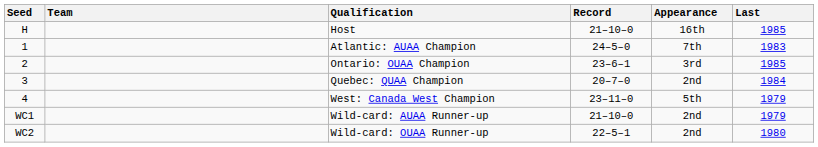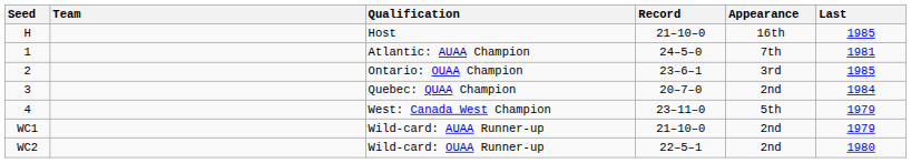 <table class="wikitable sortable" style="text-align: center;" width=1000>
 <tr style="background:#efefef; text-align:center">
 <th style="text-align:left" width=5%>Seed</th>
 <th style="text-align:left" width=35%>Team</th>
 <th style="text-align:left" width=30%>Qualification</th>
 <th style="text-align:left" width=10%>Record</th>
 <th style="text-align:left" width=10%>Appearance</th>
 <th style="text-align:left" width=10%>Last</th>
 </tr>
 <tr style="text-align:center">
 <td style="text-align:center">H</td>
 <td style="text-align:left; "><a href='#'></a></td>
 <td style="text-align:left">Host</td>
 <td style="text-align:center">21–10–0</td>
 <td style="text-align:center">16th</td>
 <td style="text-align:center"><a href='#'>1985</a></td>
 </tr>
 <tr style="text-align:center">
 <td style="text-align:center">1</td>
 <td style="text-align:left; "><a href='#'></a></td>
 <td style="text-align:left">Atlantic: <a href='#'>AUAA</a> Champion</td>
 <td style="text-align:center">24–5–0</td>
 <td style="text-align:center">7th</td>
-<td style="text-align:center"><a href='#'>1983</a></td>
+<td style="text-align:center"><a href='#'>1981</a></td>
 </tr>
 <tr style="text-align:center">
 <td style="text-align:center">2</td>
 <td style="text-align:left; "><a href='#'></a></td>
 <td style="text-align:left">Ontario: <a href='#'>OUAA</a> Champion</td>
 <td style="text-align:center">23–6–1</td>
 <td style="text-align:center">3rd</td>
 <td style="text-align:center"><a href='#'>1985</a></td>
 </tr>
 <tr style="text-align:center">
 <td style="text-align:center">3</td>
 <td style="text-align:left; "><a href='#'></a></td>
 <td style="text-align:left">Quebec: <a href='#'>QUAA</a> Champion</td>
 <td style="text-align:center">20–7–0</td>
 <td style="text-align:center">2nd</td>
 <td style="text-align:center"><a href='#'>1984</a></td>
 </tr>
 <tr style="text-align:center">
 <td style="text-align:center">4</td>
 <td style="text-align:left; "><a href='#'></a></td>
 <td style="text-align:left">West: <a href='#'>Canada West</a> Champion</td>
 <td style="text-align:center">23–11–0</td>
 <td style="text-align:center">5th</td>
 <td style="text-align:center"><a href='#'>1979</a></td>
 </tr>
 <tr style="text-align:center">
 <td style="text-align:center">WC1</td>
 <td style="text-align:left; "><a href='#'></a></td>
 <td style="text-align:left">Wild-card: <a href='#'>AUAA</a> Runner-up</td>
 <td style="text-align:center">21–10–0</td>
 <td style="text-align:center">2nd</td>
 <td style="text-align:center"><a href='#'>1979</a></td>
 </tr>
 <tr style="text-align:center">
 <td style="text-align:center">WC2</td>
 <td style="text-align:left; "><a href='#'></a></td>
 <td style="text-align:left">Wild-card: <a href='#'>OUAA</a> Runner-up</td>
 <td style="text-align:center">22–5–1</td>
 <td style="text-align:center">2nd</td>
 <td style="text-align:center"><a href='#'>1980</a></td>
 </tr>
 </table>
